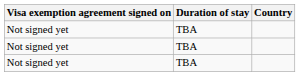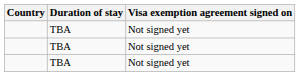 <table class="wikitable sortable">
 <tr>
+<th>Country</th>
+<th>Duration of stay</th>
 <th>Visa exemption agreement signed on</th>
-<th>Duration of stay</th>
-<th>Country</th>
 </tr>
 <tr>
+<td></td>
+<td>TBA</td>
 <td>Not signed yet</td>
-<td>TBA</td>
-<td></td>
 </tr>
 <tr>
+<td></td>
+<td>TBA</td>
 <td>Not signed yet</td>
-<td>TBA</td>
-<td></td>
 </tr>
 <tr>
+<td></td>
+<td>TBA</td>
 <td>Not signed yet</td>
-<td>TBA</td>
-<td></td>
 </tr>
 </table>
